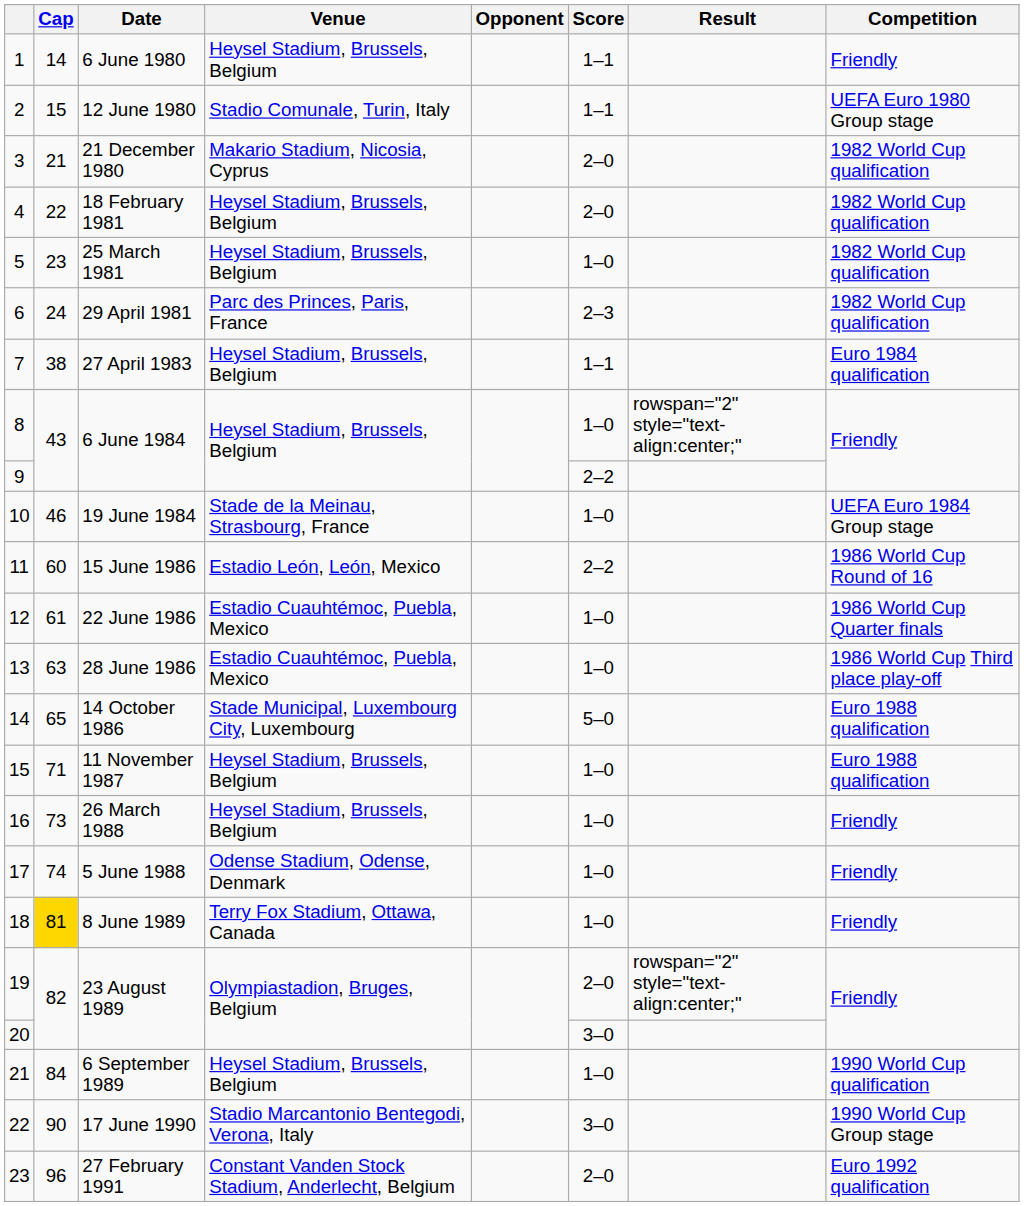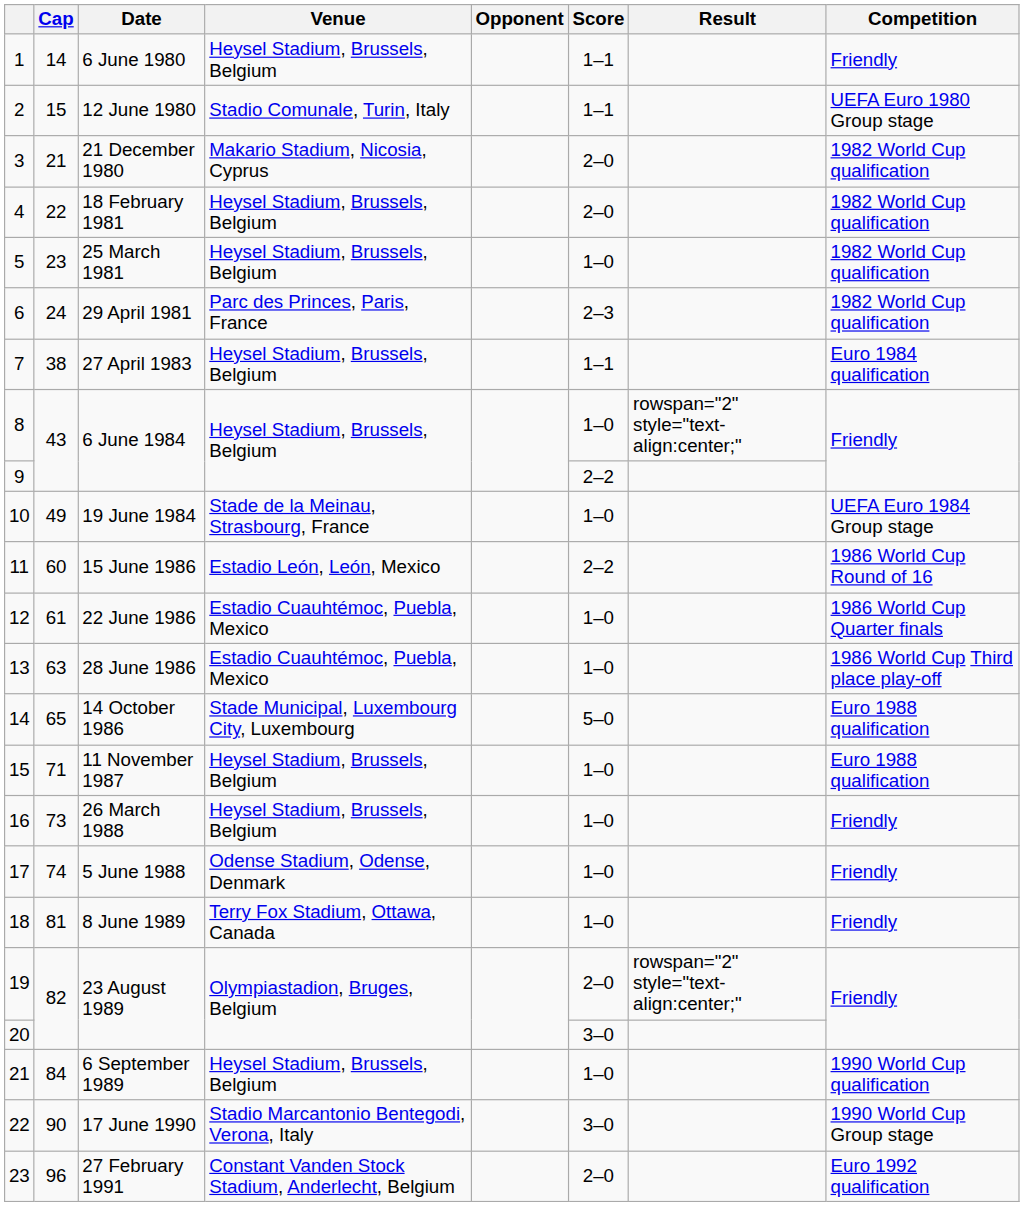 <table class="wikitable sortable">
 <tr>
 <th scope="col"></th>
 <th scope=col><a href='#'>Cap</a></th>
 <th scope="col">Date</th>
 <th scope="col">Venue</th>
 <th scope="col">Opponent</th>
 <th scope="col">Score</th>
 <th scope="col">Result</th>
 <th scope="col">Competition</th>
 </tr>
 <tr>
 <td align="center">1</td>
 <td align="center">14</td>
 <td>6 June 1980</td>
 <td><a href='#'>Heysel Stadium</a>, <a href='#'>Brussels</a>, Belgium</td>
 <td></td>
 <td align="center">1–1</td>
 <td></td>
 <td><a href='#'>Friendly</a></td>
 </tr>
 <tr>
 <td align="center">2</td>
 <td align="center">15</td>
 <td>12 June 1980</td>
 <td><a href='#'>Stadio Comunale</a>, <a href='#'>Turin</a>, Italy</td>
 <td></td>
 <td align="center">1–1</td>
 <td></td>
 <td><a href='#'>UEFA Euro 1980</a> Group stage</td>
 </tr>
 <tr>
 <td align="center">3</td>
 <td align="center">21</td>
 <td>21 December 1980</td>
 <td><a href='#'>Makario Stadium</a>, <a href='#'>Nicosia</a>, Cyprus</td>
 <td></td>
 <td align="center">2–0</td>
 <td></td>
 <td><a href='#'>1982 World Cup qualification</a></td>
 </tr>
 <tr>
 <td align="center">4</td>
 <td align="center">22</td>
 <td>18 February 1981</td>
 <td><a href='#'>Heysel Stadium</a>, <a href='#'>Brussels</a>, Belgium</td>
 <td></td>
 <td align="center">2–0</td>
 <td></td>
 <td><a href='#'>1982 World Cup qualification</a></td>
 </tr>
 <tr>
 <td align="center">5</td>
 <td align="center">23</td>
 <td>25 March 1981</td>
 <td><a href='#'>Heysel Stadium</a>, <a href='#'>Brussels</a>, Belgium</td>
 <td></td>
 <td align="center">1–0</td>
 <td></td>
 <td><a href='#'>1982 World Cup qualification</a></td>
 </tr>
 <tr>
 <td align="center">6</td>
 <td align="center">24</td>
 <td>29 April 1981</td>
 <td><a href='#'>Parc des Princes</a>, <a href='#'>Paris</a>, France</td>
 <td></td>
 <td align="center">2–3</td>
 <td></td>
 <td><a href='#'>1982 World Cup qualification</a></td>
 </tr>
 <tr>
 <td align="center">7</td>
 <td align="center">38</td>
 <td>27 April 1983</td>
 <td><a href='#'>Heysel Stadium</a>, <a href='#'>Brussels</a>, Belgium</td>
 <td></td>
 <td align="center">1–1</td>
 <td></td>
 <td><a href='#'>Euro 1984 qualification</a></td>
 </tr>
 <tr>
 <td align="center">8</td>
 <td rowspan="2" align="center">43</td>
 <td rowspan="2">6 June 1984</td>
 <td rowspan="2"><a href='#'>Heysel Stadium</a>, <a href='#'>Brussels</a>, Belgium</td>
 <td rowspan="2"></td>
 <td align="center">1–0</td>
 <td>rowspan="2" style="text-align:center;" </td>
 <td rowspan="2"><a href='#'>Friendly</a></td>
 </tr>
 <tr>
 <td align="center">9</td>
 <td align="center">2–2</td>
 </tr>
 <tr>
 <td align="center">10</td>
-<td align="center">46</td>
+<td align="center">49</td>
 <td>19 June 1984</td>
 <td><a href='#'>Stade de la Meinau</a>, <a href='#'>Strasbourg</a>, France</td>
 <td></td>
 <td align="center">1–0</td>
 <td></td>
 <td><a href='#'>UEFA Euro 1984</a> Group stage</td>
 </tr>
 <tr>
 <td align="center">11</td>
 <td align="center">60</td>
 <td>15 June 1986</td>
 <td><a href='#'>Estadio León</a>, <a href='#'>León</a>, Mexico</td>
 <td></td>
 <td align="center">2–2</td>
 <td> </td>
 <td><a href='#'>1986 World Cup</a> <a href='#'>Round of 16</a></td>
 </tr>
 <tr>
 <td align="center">12</td>
 <td align="center">61</td>
 <td>22 June 1986</td>
 <td><a href='#'>Estadio Cuauhtémoc</a>, <a href='#'>Puebla</a>, Mexico</td>
 <td></td>
 <td align="center">1–0</td>
 <td> </td>
 <td><a href='#'>1986 World Cup</a> <a href='#'>Quarter finals</a></td>
 </tr>
 <tr>
 <td align="center">13</td>
 <td align="center">63</td>
 <td>28 June 1986</td>
 <td><a href='#'>Estadio Cuauhtémoc</a>, <a href='#'>Puebla</a>, Mexico</td>
 <td></td>
 <td align="center">1–0</td>
 <td> </td>
 <td><a href='#'>1986 World Cup</a> <a href='#'>Third place play-off</a></td>
 </tr>
 <tr>
 <td align="center">14</td>
 <td align="center">65</td>
 <td>14 October 1986</td>
 <td><a href='#'>Stade Municipal</a>, <a href='#'>Luxembourg City</a>, Luxembourg</td>
 <td></td>
 <td align="center">5–0</td>
 <td></td>
 <td><a href='#'>Euro 1988 qualification</a></td>
 </tr>
 <tr>
 <td align="center">15</td>
 <td align="center">71</td>
 <td>11 November 1987</td>
 <td><a href='#'>Heysel Stadium</a>, <a href='#'>Brussels</a>, Belgium</td>
 <td></td>
 <td align="center">1–0</td>
 <td></td>
 <td><a href='#'>Euro 1988 qualification</a></td>
 </tr>
 <tr>
 <td align="center">16</td>
 <td align="center">73</td>
 <td>26 March 1988</td>
 <td><a href='#'>Heysel Stadium</a>, <a href='#'>Brussels</a>, Belgium</td>
 <td></td>
 <td align="center">1–0 </td>
 <td></td>
 <td><a href='#'>Friendly</a></td>
 </tr>
 <tr>
 <td align="center">17</td>
 <td align="center">74</td>
 <td>5 June 1988</td>
 <td><a href='#'>Odense Stadium</a>, <a href='#'>Odense</a>, Denmark</td>
 <td></td>
 <td align="center">1–0</td>
 <td></td>
 <td><a href='#'>Friendly</a></td>
 </tr>
 <tr>
 <td align="center">18</td>
-<td align="center" style="background: gold;">81</td>
+<td align="center">81</td>
 <td>8 June 1989</td>
 <td><a href='#'>Terry Fox Stadium</a>, <a href='#'>Ottawa</a>, Canada</td>
 <td></td>
 <td align="center">1–0</td>
 <td></td>
 <td><a href='#'>Friendly</a></td>
 </tr>
 <tr>
 <td align="center">19</td>
 <td rowspan="2" align="center">82</td>
 <td rowspan="2">23 August 1989</td>
 <td rowspan="2"><a href='#'>Olympiastadion</a>, <a href='#'>Bruges</a>, Belgium</td>
 <td rowspan="2"></td>
 <td align="center">2–0</td>
 <td>rowspan="2" style="text-align:center;" </td>
 <td rowspan="2"><a href='#'>Friendly</a></td>
 </tr>
 <tr>
 <td align="center">20</td>
 <td align="center">3–0 </td>
 </tr>
 <tr>
 <td align="center">21</td>
 <td align="center">84</td>
 <td>6 September 1989</td>
 <td><a href='#'>Heysel Stadium</a>, <a href='#'>Brussels</a>, Belgium</td>
 <td></td>
 <td align="center">1–0</td>
 <td></td>
 <td><a href='#'>1990 World Cup qualification</a></td>
 </tr>
 <tr>
 <td align="center">22</td>
 <td align="center">90</td>
 <td>17 June 1990</td>
 <td><a href='#'>Stadio Marcantonio Bentegodi</a>, <a href='#'>Verona</a>, Italy</td>
 <td></td>
 <td align="center">3–0</td>
 <td></td>
 <td><a href='#'>1990 World Cup</a> Group stage</td>
 </tr>
 <tr>
 <td align="center">23</td>
 <td align="center">96</td>
 <td>27 February 1991</td>
 <td><a href='#'>Constant Vanden Stock Stadium</a>, <a href='#'>Anderlecht</a>, Belgium</td>
 <td></td>
 <td align="center">2–0</td>
 <td></td>
 <td><a href='#'>Euro 1992 qualification</a></td>
 </tr>
 </table>
